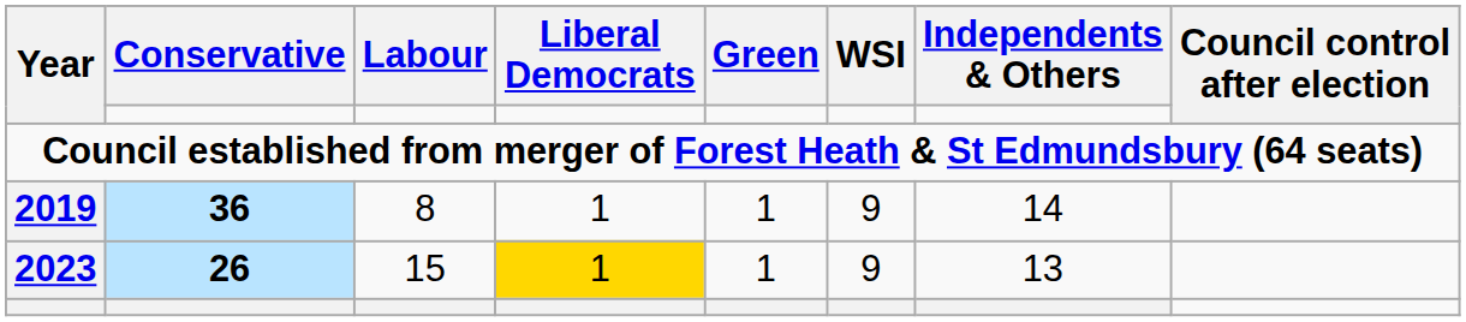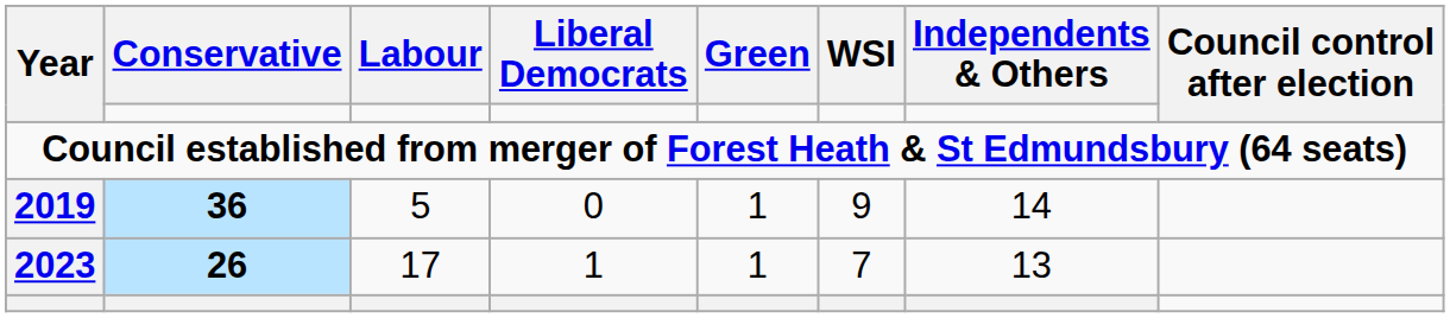 <table class="wikitable plainrowheaders" style="text-align:center">
 <tr>
 <th scope="col" rowspan="2">Year</th>
 <th scope="col"><a href='#'>Conservative</a></th>
 <th scope="col"><a href='#'>Labour</a></th>
 <th scope="col" style="width:1px"><a href='#'>Liberal Democrats</a></th>
 <th scope="col"><a href='#'>Green</a></th>
 <th scope="col">WSI</th>
 <th scope="col"><a href='#'>Independents</a><br>& Others</th>
 <th scope="col" rowspan="2" colspan="2">Council control<br>after election</th>
 </tr>
 <tr>
 <td style="background:"></td>
 <td style="background:"></td>
 <td style="background:"></td>
 <td style="background:"></td>
 <td style="background:"></td>
 <td style="background:"></td>
 </tr>
 <tr>
 <td colspan="9"><strong>Council established from merger of <a href='#'>Forest Heath</a> & <a href='#'>St Edmundsbury</a> (64 seats)</strong></td>
 </tr>
 <tr>
 <th scope="row"><a href='#'>2019</a></th>
 <td style="background:#B9E4FF;"><strong>36</strong></td>
-<td>8</td>
-<td>1</td>
+<td>5</td>
+<td>0</td>
 <td>1</td>
 <td>9</td>
 <td>14</td>
 <td></td>
 </tr>
 <tr>
 <th scope="row"><a href='#'>2023</a></th>
 <td style="background:#B9E4FF;"><strong>26</strong></td>
-<td>15</td>
-<td style="background: gold;">1</td>
+<td>17</td>
 <td>1</td>
-<td>9</td>
+<td>1</td>
+<td>7</td>
 <td>13</td>
 <td></td>
 </tr>
 <tr>
 <th></th>
 <th style="background-color: "></th>
 <th style="background-color: "></th>
 <th style="background-color: "></th>
 <th style="background-color: "></th>
 <th style="background-color: "></th>
 <th style="background-color: "></th>
 </tr>
 </table>
